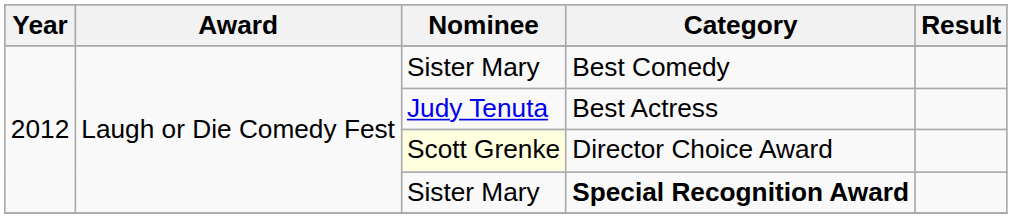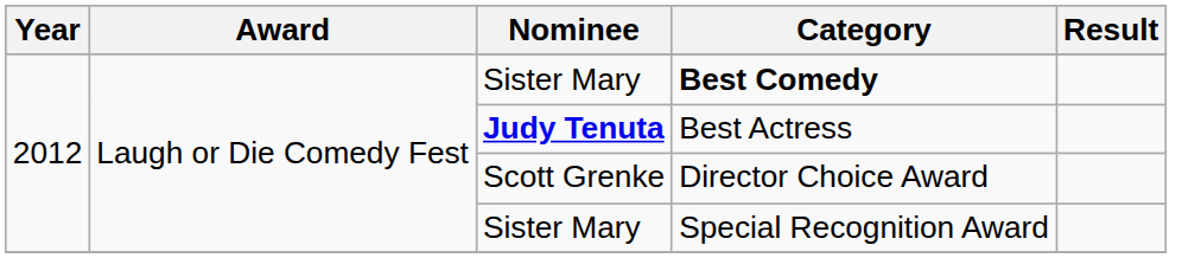 <table class="wikitable">
 <tr style="background:#b0c4de; text-align:center;">
 <th>Year</th>
 <th>Award</th>
 <th>Nominee</th>
 <th>Category</th>
 <th>Result</th>
 </tr>
 <tr>
 <td rowspan=5>2012</td>
 <td rowspan=5>Laugh or Die Comedy Fest</td>
 </tr>
 <tr>
 <td>Sister Mary</td>
-<td>Best Comedy</td>
+<td><strong>Best Comedy</strong></td>
 <td></td>
 </tr>
 <tr>
-<td><a href='#'>Judy Tenuta</a></td>
+<td><strong><a href='#'>Judy Tenuta</a></strong></td>
 <td>Best Actress</td>
 <td></td>
 </tr>
 <tr>
-<td style="background: lightyellow;">Scott Grenke</td>
+<td>Scott Grenke</td>
 <td>Director Choice Award</td>
 <td></td>
 </tr>
 <tr>
 <td>Sister Mary</td>
-<td><strong>Special Recognition Award</strong></td>
+<td>Special Recognition Award</td>
 <td></td>
 </tr>
 <tr>
 </tr>
 </table>
